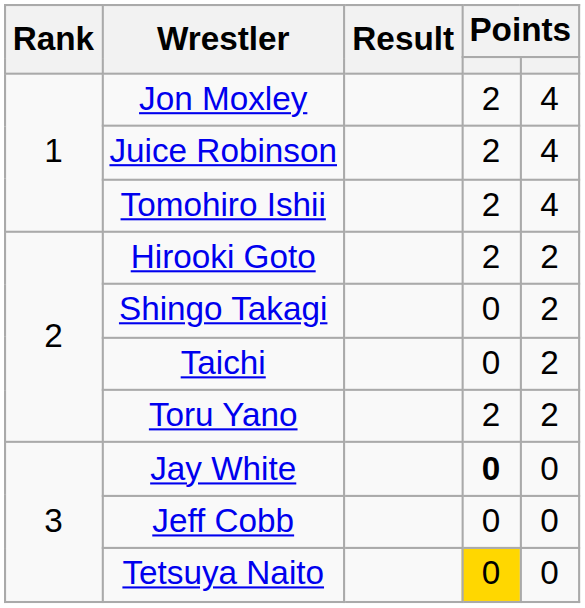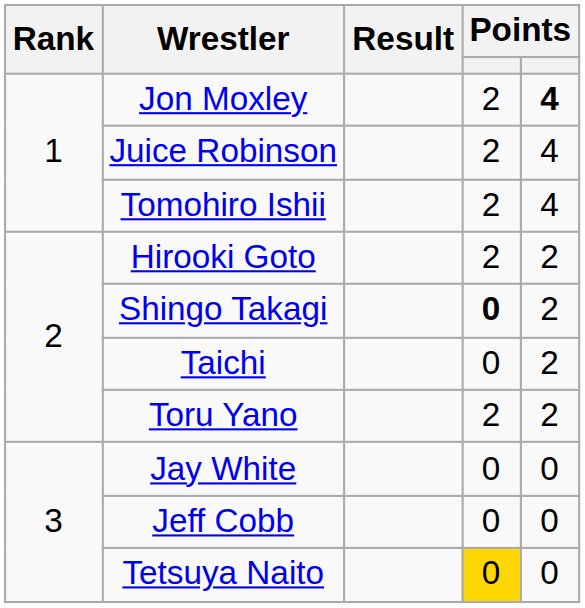 <table class="wikitable mw-collapsible mw-collapsed" plainrowheaders sortable" style="text-align: center">
 <tr>
 <th scope="col" rowspan="2">Rank</th>
 <th scope="col" rowspan="2">Wrestler</th>
 <th scope="col" rowspan="2">Result</th>
 <th scope="col" colspan="2">Points</th>
 </tr>
 <tr>
 <th></th>
 <th></th>
 </tr>
 <tr>
 <td rowspan="3">1</td>
 <td><a href='#'>Jon Moxley</a></td>
 <td></td>
 <td>2</td>
-<td>4</td>
+<td><strong>4</strong></td>
 </tr>
 <tr>
 <td><a href='#'>Juice Robinson</a></td>
 <td></td>
 <td>2</td>
 <td>4</td>
 </tr>
 <tr>
 <td><a href='#'>Tomohiro Ishii</a></td>
 <td></td>
 <td>2</td>
 <td>4</td>
 </tr>
 <tr>
 <td rowspan="4">2</td>
 <td><a href='#'>Hirooki Goto</a></td>
 <td></td>
 <td>2</td>
 <td>2</td>
 </tr>
 <tr>
 <td><a href='#'>Shingo Takagi</a></td>
 <td></td>
-<td>0</td>
+<td><strong>0</strong></td>
 <td>2</td>
 </tr>
 <tr>
 <td><a href='#'>Taichi</a></td>
 <td></td>
 <td>0</td>
 <td>2</td>
 </tr>
 <tr>
 <td><a href='#'>Toru Yano</a></td>
 <td></td>
 <td>2</td>
 <td>2</td>
 </tr>
 <tr>
 <td rowspan="3">3</td>
 <td><a href='#'>Jay White</a></td>
 <td></td>
-<td><strong>0</strong></td>
+<td>0</td>
 <td>0</td>
 </tr>
 <tr>
 <td><a href='#'>Jeff Cobb</a></td>
 <td></td>
 <td>0</td>
 <td>0</td>
 </tr>
 <tr>
 <td><a href='#'>Tetsuya Naito</a></td>
 <td></td>
 <td style="background: gold;">0</td>
 <td>0</td>
 </tr>
 </table>
